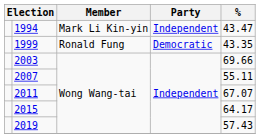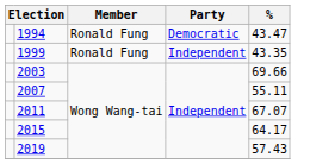 <table class="wikitable">
 <tr>
 <th colspan="2">Election</th>
 <th>Member</th>
 <th>Party</th>
 <th>%</th>
 </tr>
 <tr>
 <td style="background-color:"></td>
 <td><a href='#'>1994</a></td>
-<td>Mark Li Kin-yin</td>
-<td><a href='#'>Independent</a></td>
+<td>Ronald Fung</td>
+<td><a href='#'>Democratic</a></td>
 <td>43.47</td>
 </tr>
 <tr>
 <td style="background-color:"></td>
 <td><a href='#'>1999</a></td>
 <td>Ronald Fung</td>
-<td><a href='#'>Democratic</a></td>
+<td><a href='#'>Independent</a></td>
 <td>43.35</td>
 </tr>
 <tr>
 <td style="background-color:"></td>
 <td><a href='#'>2003</a></td>
 <td rowspan=5>Wong Wang-tai</td>
 <td rowspan=5><a href='#'>Independent</a></td>
 <td>69.66</td>
 </tr>
 <tr>
 <td style="background-color:"></td>
 <td><a href='#'>2007</a></td>
 <td>55.11</td>
 </tr>
 <tr>
 <td style="background-color:"></td>
 <td><a href='#'>2011</a></td>
 <td>67.07</td>
 </tr>
 <tr>
 <td style="background-color:"></td>
 <td><a href='#'>2015</a></td>
 <td>64.17</td>
 </tr>
 <tr>
 <td style="background-color:"></td>
 <td><a href='#'>2019</a></td>
 <td>57.43</td>
 </tr>
 <tr>
 </tr>
 </table>
